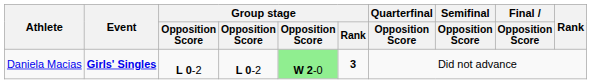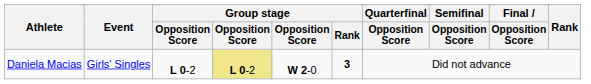 <table class="wikitable" style="font-size:90%">
 <tr>
 <th rowspan=2>Athlete</th>
 <th rowspan=2>Event</th>
 <th colspan=4>Group stage</th>
 <th>Quarterfinal</th>
 <th>Semifinal</th>
 <th>Final / </th>
 <th rowspan=2>Rank</th>
 </tr>
 <tr style="font-size:95%">
 <th>Opposition<br>Score</th>
 <th>Opposition<br>Score</th>
 <th>Opposition<br>Score</th>
 <th>Rank</th>
 <th>Opposition<br>Score</th>
 <th>Opposition<br>Score</th>
 <th>Opposition<br>Score</th>
 </tr>
 <tr align=center>
 <td align=left><a href='#'>Daniela Macias</a></td>
-<td align=left><strong><a href='#'>Girls' Singles</a></strong></td>
+<td align=left><a href='#'>Girls' Singles</a></td>
 <td><br> <strong>L</strong> <strong>0</strong>-2</td>
-<td> <br> <strong>L</strong> <strong>0</strong>-2</td>
-<td style="background: lightgreen;"> <br> <strong>W</strong> <strong>2</strong>-0</td>
+<td style="background: khaki;"> <br> <strong>L</strong> <strong>0</strong>-2</td>
+<td> <br> <strong>W</strong> <strong>2</strong>-0</td>
 <td><strong>3</strong></td>
 <td colspan=4>Did not advance</td>
 </tr>
 </table>
